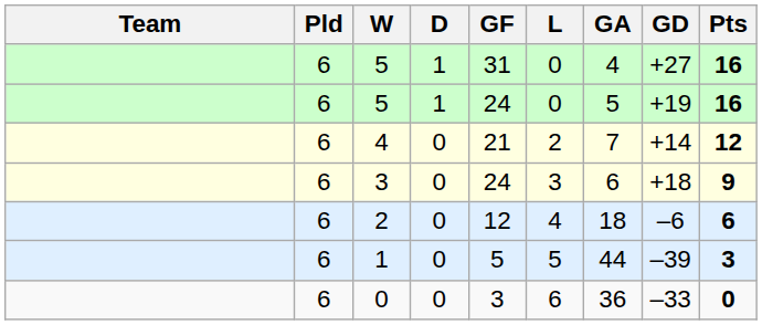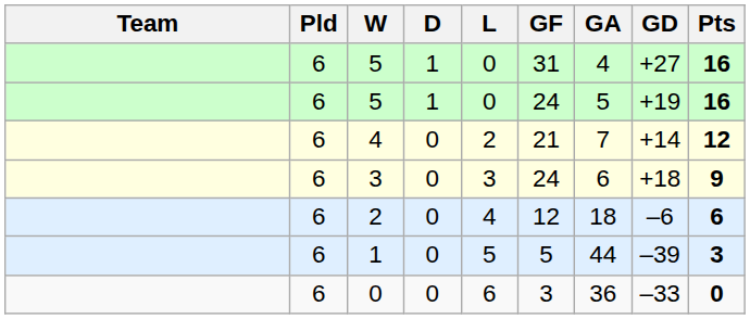 <table class=wikitable style="text-align:center">
 <tr>
 <th style="width:180px;">Team</th>
 <th width="30">Pld</th>
 <th width="30">W</th>
 <th width="30">D</th>
+<th width="30">L</th>
 <th width="30">GF</th>
-<th width="30">L</th>
 <th width="30">GA</th>
 <th width="30">GD</th>
 <th width="30">Pts</th>
 </tr>
 <tr style="background:#cfc;">
 <td style="text-align:left"></td>
 <td>6</td>
 <td>5</td>
 <td>1</td>
+<td>0</td>
 <td>31</td>
-<td>0</td>
 <td>4</td>
 <td>+27</td>
 <td><strong>16</strong></td>
 </tr>
 <tr style="background:#cfc;">
 <td style="text-align:left"></td>
 <td>6</td>
 <td>5</td>
 <td>1</td>
+<td>0</td>
 <td>24</td>
-<td>0</td>
 <td>5</td>
 <td>+19</td>
 <td><strong>16</strong></td>
 </tr>
 <tr style="background:lightyellow;">
 <td style="text-align:left"></td>
 <td>6</td>
 <td>4</td>
 <td>0</td>
+<td>2</td>
 <td>21</td>
-<td>2</td>
 <td>7</td>
 <td>+14</td>
 <td><strong>12</strong></td>
 </tr>
 <tr style="background:lightyellow;">
 <td style="text-align:left"></td>
 <td>6</td>
 <td>3</td>
 <td>0</td>
+<td>3</td>
 <td>24</td>
-<td>3</td>
 <td>6</td>
 <td>+18</td>
 <td><strong>9</strong></td>
 </tr>
 <tr style="background:#dfefff;">
 <td style="text-align:left"></td>
 <td>6</td>
 <td>2</td>
 <td>0</td>
+<td>4</td>
 <td>12</td>
-<td>4</td>
 <td>18</td>
 <td>–6</td>
 <td><strong>6</strong></td>
 </tr>
 <tr style="background:#dfefff;">
 <td style="text-align:left"></td>
 <td>6</td>
 <td>1</td>
 <td>0</td>
 <td>5</td>
 <td>5</td>
 <td>44</td>
 <td>–39</td>
 <td><strong>3</strong></td>
 </tr>
 <tr>
 <td style="text-align:left"></td>
 <td>6</td>
 <td>0</td>
 <td>0</td>
+<td>6</td>
 <td>3</td>
-<td>6</td>
 <td>36</td>
 <td>–33</td>
 <td><strong>0</strong></td>
 </tr>
 </table>
